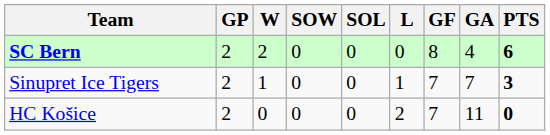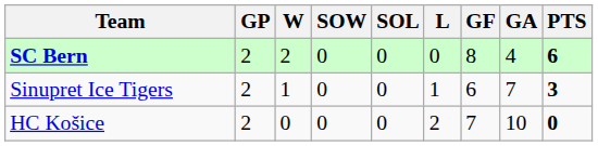 <table class="wikitable">
 <tr>
 <th width=165>Team</th>
 <th width=20>GP</th>
 <th width=20>W</th>
 <th width=20>SOW</th>
 <th width=20>SOL</th>
 <th width=20>L</th>
 <th width=20>GF</th>
 <th width=20>GA</th>
 <th width=20>PTS</th>
 </tr>
 <tr bgcolor="#CCFFCC">
 <td style="text-align:left;"><strong> <a href='#'>SC Bern</a></strong></td>
 <td>2</td>
 <td>2</td>
 <td>0</td>
 <td>0</td>
 <td>0</td>
 <td>8</td>
 <td>4</td>
 <td><strong>6</strong></td>
 </tr>
 <tr>
 <td style="text-align:left;"> <a href='#'>Sinupret Ice Tigers</a></td>
 <td>2</td>
 <td>1</td>
 <td>0</td>
 <td>0</td>
 <td>1</td>
-<td>7</td>
+<td>6</td>
 <td>7</td>
 <td><strong>3</strong></td>
 </tr>
 <tr>
 <td style="text-align:left;"> <a href='#'>HC Košice</a></td>
 <td>2</td>
 <td>0</td>
 <td>0</td>
 <td>0</td>
 <td>2</td>
 <td>7</td>
-<td>11</td>
+<td>10</td>
 <td><strong>0</strong></td>
 </tr>
 </table>
